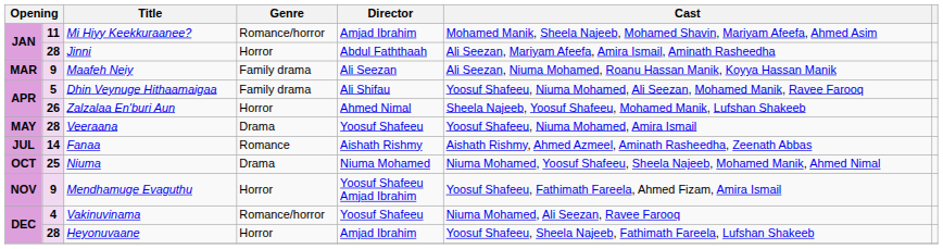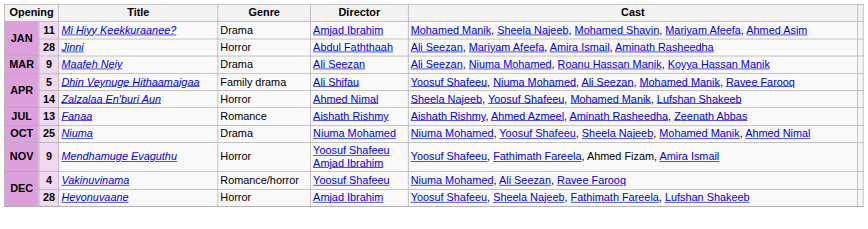 <table class="wikitable plainrowheaders" width="100%">
 <tr>
 <th scope="col" colspan="2">Opening</th>
 <th scope="col">Title</th>
 <th scope="col">Genre</th>
 <th scope="col">Director</th>
 <th scope="col">Cast</th>
 <th scope="col"></th>
 </tr>
 <tr>
 <td style="text-align:center; background:plum; textcolor:#000;" rowspan="2"><strong>JAN</strong></td>
 <td style="text-align:center; background:#f1daf1;"><strong>11</strong></td>
 <td><em><a href='#'>Mi Hiyy Keekkuraanee?</a></em></td>
-<td>Romance/horror</td>
+<td>Drama</td>
 <td><a href='#'>Amjad Ibrahim</a></td>
 <td><a href='#'>Mohamed Manik</a>, <a href='#'>Sheela Najeeb</a>, <a href='#'>Mohamed Shavin</a>, <a href='#'>Mariyam Afeefa</a>, <a href='#'>Ahmed Asim</a></td>
 <td></td>
 </tr>
 <tr>
 <td style="text-align:center; background:#f1daf1;"><strong>28</strong></td>
 <td><em><a href='#'>Jinni</a></em></td>
 <td>Horror</td>
 <td><a href='#'>Abdul Faththaah</a></td>
 <td><a href='#'>Ali Seezan</a>, <a href='#'>Mariyam Afeefa</a>, <a href='#'>Amira Ismail</a>, <a href='#'>Aminath Rasheedha</a></td>
 <td style="text-align:center;"></td>
 </tr>
 <tr>
 <td style="text-align:center; background:plum; textcolor:#000;"><strong>MAR</strong></td>
 <td style="text-align:center; background:#f1daf1;"><strong>9</strong></td>
 <td><em><a href='#'>Maafeh Neiy</a></em></td>
-<td>Family drama</td>
+<td>Drama</td>
 <td><a href='#'>Ali Seezan</a></td>
 <td><a href='#'>Ali Seezan</a>, <a href='#'>Niuma Mohamed</a>, <a href='#'>Roanu Hassan Manik</a>, <a href='#'>Koyya Hassan Manik</a></td>
 <td style="text-align:center;"></td>
 </tr>
 <tr>
 <td style="text-align:center; background:plum; textcolor:#000;" rowspan="2"><strong>APR</strong></td>
 <td style="text-align:center; background:#f1daf1;"><strong>5</strong></td>
 <td><em><a href='#'>Dhin Veynuge Hithaamaigaa</a></em></td>
 <td>Family drama</td>
 <td><a href='#'>Ali Shifau</a></td>
 <td><a href='#'>Yoosuf Shafeeu</a>, <a href='#'>Niuma Mohamed</a>, <a href='#'>Ali Seezan</a>, <a href='#'>Mohamed Manik</a>, <a href='#'>Ravee Farooq</a></td>
 <td style="text-align:center;"></td>
 </tr>
 <tr>
-<td style="text-align:center; background:#f1daf1;"><strong>26</strong></td>
+<td style="text-align:center; background:#f1daf1;"><strong>14</strong></td>
 <td><em><a href='#'>Zalzalaa En'buri Aun</a></em></td>
 <td>Horror</td>
 <td><a href='#'>Ahmed Nimal</a></td>
 <td><a href='#'>Sheela Najeeb</a>, <a href='#'>Yoosuf Shafeeu</a>, <a href='#'>Mohamed Manik</a>, <a href='#'>Lufshan Shakeeb</a></td>
 <td style="text-align:center;"></td>
 </tr>
 <tr>
-<td style="text-align:center; background:plum; textcolor:#000;"><strong>MAY</strong></td>
-<td style="text-align:center; background:#f1daf1;"><strong>28</strong></td>
-<td><em><a href='#'>Veeraana</a></em></td>
-<td>Drama</td>
-<td><a href='#'>Yoosuf Shafeeu</a></td>
-<td><a href='#'>Yoosuf Shafeeu</a>, <a href='#'>Niuma Mohamed</a>, <a href='#'>Amira Ismail</a></td>
-<td style="text-align:center;"></td>
-</tr>
-<tr>
 <td style="text-align:center; background:plum; textcolor:#000;"><strong>JUL</strong></td>
-<td style="text-align:center; background:#f1daf1;"><strong>14</strong></td>
+<td style="text-align:center; background:#f1daf1;"><strong>13</strong></td>
 <td><em><a href='#'>Fanaa</a></em></td>
 <td>Romance</td>
 <td><a href='#'>Aishath Rishmy</a></td>
 <td><a href='#'>Aishath Rishmy</a>, <a href='#'>Ahmed Azmeel</a>, <a href='#'>Aminath Rasheedha</a>, <a href='#'>Zeenath Abbas</a></td>
 <td style="text-align:center;"></td>
 </tr>
 <tr>
 <td style="text-align:center; background:plum; textcolor:#000;"><strong>OCT</strong></td>
 <td style="text-align:center; background:#f1daf1;"><strong>25</strong></td>
 <td><em><a href='#'>Niuma</a></em></td>
 <td>Drama</td>
 <td><a href='#'>Niuma Mohamed</a></td>
 <td><a href='#'>Niuma Mohamed</a>, <a href='#'>Yoosuf Shafeeu</a>, <a href='#'>Sheela Najeeb</a>, <a href='#'>Mohamed Manik</a>, <a href='#'>Ahmed Nimal</a></td>
 <td style="text-align:center;"></td>
 </tr>
 <tr>
 <td style="text-align:center; background:plum; textcolor:#000;"><strong>NOV</strong></td>
 <td style="text-align:center; background:#f1daf1;"><strong>9</strong></td>
 <td><em><a href='#'>Mendhamuge Evaguthu</a></em></td>
 <td>Horror</td>
 <td><a href='#'>Yoosuf Shafeeu</a><br><a href='#'>Amjad Ibrahim</a></td>
 <td><a href='#'>Yoosuf Shafeeu</a>, <a href='#'>Fathimath Fareela</a>, Ahmed Fizam, <a href='#'>Amira Ismail</a></td>
 <td style="text-align:center;"></td>
 </tr>
 <tr>
 <td style="text-align:center; background:plum; textcolor:#000;" rowspan="2"><strong>DEC</strong></td>
 <td style="text-align:center; background:#f1daf1;"><strong>4</strong></td>
 <td><em><a href='#'>Vakinuvinama</a></em></td>
 <td>Romance/horror</td>
 <td><a href='#'>Yoosuf Shafeeu</a></td>
 <td><a href='#'>Niuma Mohamed</a>, <a href='#'>Ali Seezan</a>, <a href='#'>Ravee Farooq</a></td>
 <td style="text-align:center;"></td>
 </tr>
 <tr>
 <td style="text-align:center; background:#f1daf1;"><strong>28</strong></td>
 <td><em><a href='#'>Heyonuvaane</a></em></td>
 <td>Horror</td>
 <td><a href='#'>Amjad Ibrahim</a></td>
 <td><a href='#'>Yoosuf Shafeeu</a>, <a href='#'>Sheela Najeeb</a>, <a href='#'>Fathimath Fareela</a>, <a href='#'>Lufshan Shakeeb</a></td>
 <td style="text-align:center;"></td>
 </tr>
 <tr>
 </tr>
 </table>
